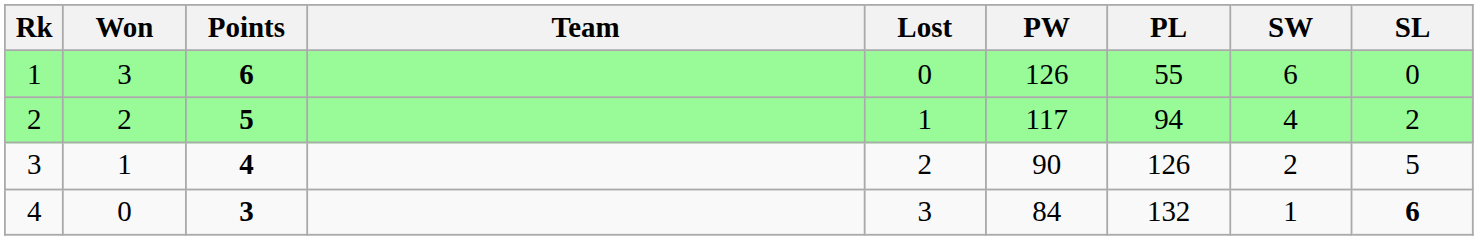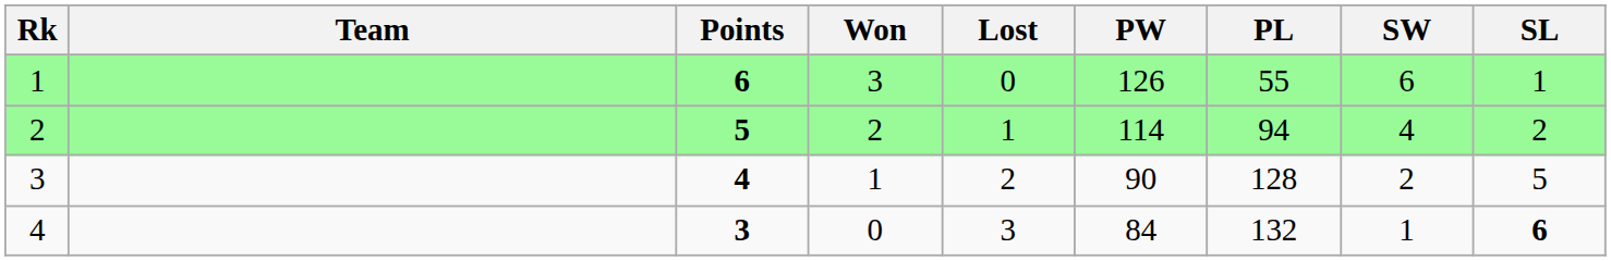 <table class=wikitable style=text-align:center>
 <tr>
 <th width=25>Rk</th>
+<th width=300>Team</th>
+<th width=60>Points</th>
 <th width=60>Won</th>
-<th width=60>Points</th>
-<th width=300>Team</th>
 <th width=60>Lost</th>
 <th width=60>PW</th>
 <th width=60>PL</th>
 <th width=60>SW</th>
 <th width=60>SL</th>
 </tr>
 <tr bgcolor="#98fb98">
 <td>1</td>
+<td align=left></td>
+<td><strong>6</strong></td>
 <td>3</td>
-<td><strong>6</strong></td>
-<td align=left></td>
 <td>0</td>
 <td>126</td>
 <td>55</td>
 <td>6</td>
-<td>0</td>
+<td>1</td>
 </tr>
 <tr bgcolor="#98fb98">
 <td>2</td>
+<td align=left></td>
+<td><strong>5</strong></td>
 <td>2</td>
-<td><strong>5</strong></td>
-<td align=left></td>
 <td>1</td>
-<td>117</td>
+<td>114</td>
 <td>94</td>
 <td>4</td>
 <td>2</td>
 </tr>
 <tr>
 <td>3</td>
+<td align=left></td>
+<td><strong>4</strong></td>
 <td>1</td>
-<td><strong>4</strong></td>
-<td align=left></td>
 <td>2</td>
 <td>90</td>
-<td>126</td>
+<td>128</td>
 <td>2</td>
 <td>5</td>
 </tr>
 <tr>
 <td>4</td>
+<td align=left></td>
+<td><strong>3</strong></td>
 <td>0</td>
-<td><strong>3</strong></td>
-<td align=left></td>
 <td>3</td>
 <td>84</td>
 <td>132</td>
 <td>1</td>
 <td><strong>6</strong></td>
 </tr>
 </table>
